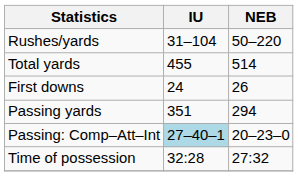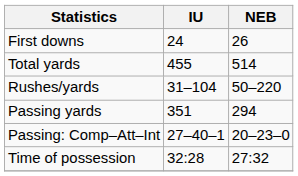 <table class="wikitable" style="float: left;">
 <tr>
 <th>Statistics</th>
 <th>IU</th>
 <th>NEB</th>
 </tr>
 <tr>
-<td>Rushes/yards</td>
-<td>31–104</td>
-<td>50–220</td>
+<td>First downs</td>
+<td>24</td>
+<td>26</td>
 </tr>
 <tr>
 <td>Total yards</td>
 <td>455</td>
 <td>514</td>
 </tr>
 <tr>
-<td>First downs</td>
-<td>24</td>
-<td>26</td>
+<td>Rushes/yards</td>
+<td>31–104</td>
+<td>50–220</td>
 </tr>
 <tr>
 <td>Passing yards</td>
 <td>351</td>
 <td>294</td>
 </tr>
 <tr>
 <td>Passing: Comp–Att–Int</td>
-<td style="background: lightblue;">27–40–1</td>
+<td>27–40–1</td>
 <td>20–23–0</td>
 </tr>
 <tr>
 <td>Time of possession</td>
 <td>32:28</td>
 <td>27:32</td>
 </tr>
 <tr>
 </tr>
 </table>
